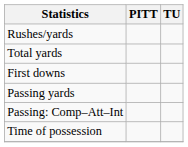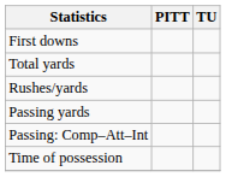 <table class="wikitable" style="float: left;">
 <tr>
 <th>Statistics</th>
 <th>PITT</th>
 <th>TU</th>
 </tr>
 <tr>
-<td>Rushes/yards</td>
+<td>First downs</td>
 <td></td>
 <td></td>
 </tr>
 <tr>
 <td>Total yards</td>
 <td></td>
 <td></td>
 </tr>
 <tr>
-<td>First downs</td>
+<td>Rushes/yards</td>
 <td></td>
 <td></td>
 </tr>
 <tr>
 <td>Passing yards</td>
 <td></td>
 <td></td>
 </tr>
 <tr>
 <td>Passing: Comp–Att–Int</td>
 <td></td>
 <td></td>
 </tr>
 <tr>
 <td>Time of possession</td>
 <td></td>
 <td></td>
 </tr>
 <tr>
 </tr>
 </table>
